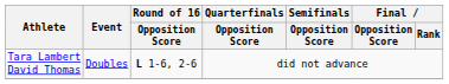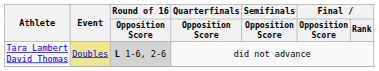 <table class=wikitable style="font-size:90%">
 <tr>
 <th rowspan=2>Athlete</th>
 <th rowspan=2>Event</th>
 <th>Round of 16</th>
 <th>Quarterfinals</th>
 <th>Semifinals</th>
 <th colspan=2>Final / </th>
 </tr>
 <tr style="font-size:95%">
 <th>Opposition<br>Score</th>
 <th>Opposition<br>Score</th>
 <th>Opposition<br>Score</th>
 <th>Opposition<br>Score</th>
 <th>Rank</th>
 </tr>
 <tr align=center>
 <td align=left><a href='#'>Tara Lambert</a><br><a href='#'>David Thomas</a></td>
-<td align=left rowspan=1><a href='#'>Doubles</a></td>
-<td> <strong>L</strong> 1-6, 2-6</td>
+<td align=left rowspan=1 style="background: khaki;"><a href='#'>Doubles</a></td>
+<td style="background: lightgrey;"> <strong>L</strong> 1-6, 2-6</td>
 <td colspan=4>did not advance</td>
 </tr>
 <tr>
 </tr>
 </table>
